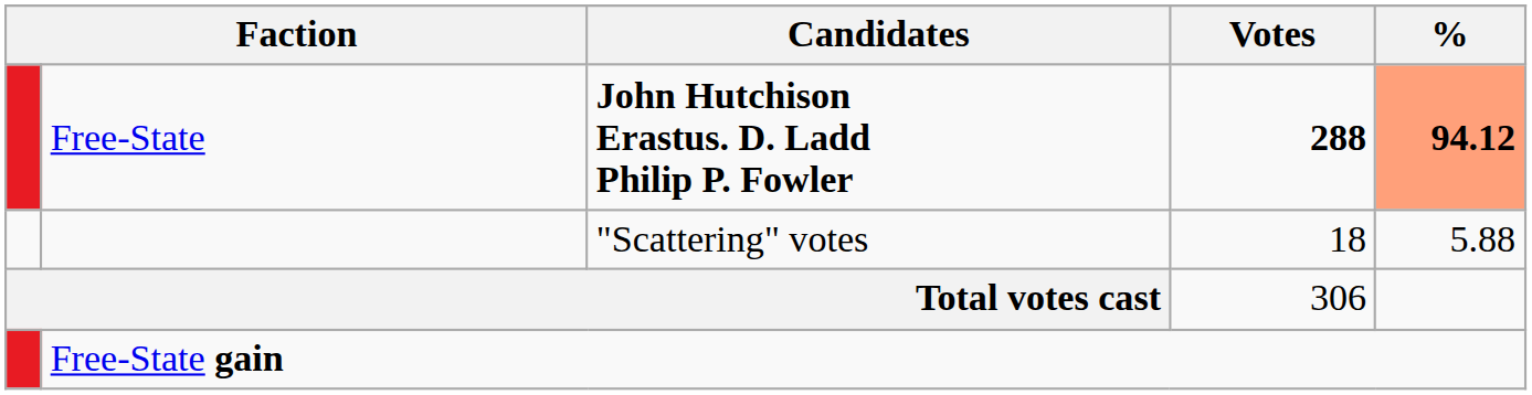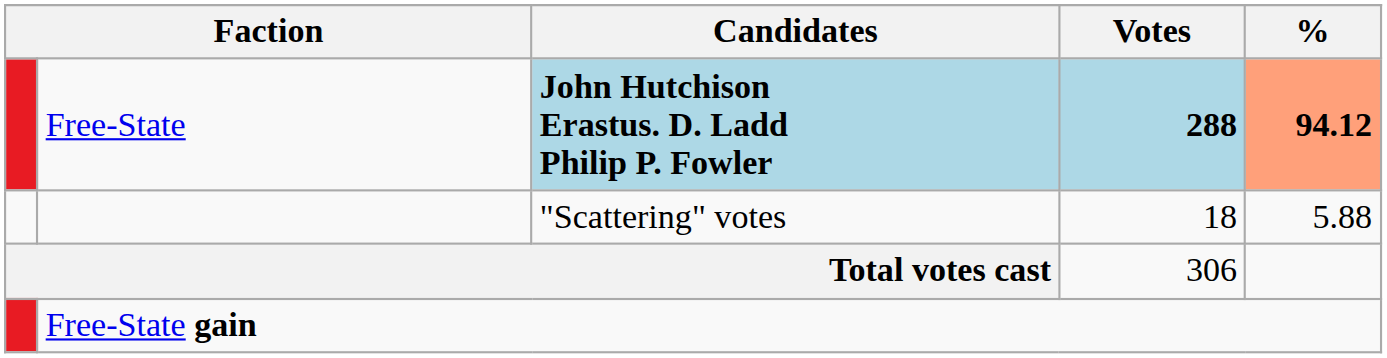 <table class="wikitable plainrowheaders" style="text-align:center;">
 <tr>
 </tr>
 <tr>
 <th scope="col" colspan="2" style="width: 15em">Faction</th>
 <th scope="col" style="width: 15em">Candidates</th>
 <th scope="col" style="width: 5em">Votes</th>
 <th scope="col" style="width: 3.5em">%</th>
 </tr>
 <tr>
 <td style="width: 0.5em; background-color:#E81B23"></td>
 <td style="text-align: left"><a href='#'>Free-State</a></td>
-<td style="text-align: left"><strong>John Hutchison</strong><br><strong>Erastus. D. Ladd</strong><br><strong>Philip P. Fowler</strong></td>
-<td style="text-align: right; margin-right: 0.5em"><strong>288</strong></td>
+<td style="background: lightblue; text-align: left"><strong>John Hutchison</strong><br><strong>Erastus. D. Ladd</strong><br><strong>Philip P. Fowler</strong></td>
+<td style="background: lightblue; text-align: right; margin-right: 0.5em"><strong>288</strong></td>
 <td style="background: lightsalmon; text-align: right; margin-right: 0.5em"><strong>94.12</strong></td>
 </tr>
 <tr>
 <td style="width: 0.5em"></td>
 <td style="text-align: left"></td>
 <td style="text-align: left">"Scattering" votes</td>
 <td style="text-align: right; margin-right: 0.5em">18</td>
 <td style="text-align: right; margin-right: 0.5em">5.88</td>
 </tr>
 <tr>
 <th colspan="3" style="text-align:right;">Total votes cast</th>
 <td style="text-align:right;">306</td>
 <td style="text-align:right;"></td>
 </tr>
 <tr>
 <td style="width: 0.5em; background-color:#E81B23"></td>
 <td colspan="4" style="text-align:left;"><a href='#'>Free-State</a> <strong>gain</strong></td>
 </tr>
 </table>
